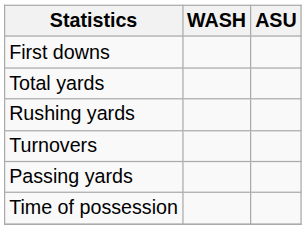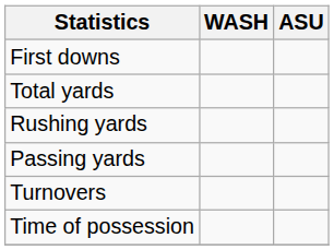 <table class="wikitable" style="float: left;">
 <tr>
 <th>Statistics</th>
 <th>WASH</th>
 <th>ASU</th>
 </tr>
 <tr>
 <td>First downs</td>
 <td></td>
 <td></td>
 </tr>
 <tr>
 <td>Total yards</td>
 <td></td>
 <td></td>
 </tr>
 <tr>
 <td>Rushing yards</td>
 <td></td>
 <td></td>
 </tr>
 <tr>
-<td>Turnovers</td>
+<td>Passing yards</td>
 <td></td>
 <td></td>
 </tr>
 <tr>
-<td>Passing yards</td>
+<td>Turnovers</td>
 <td></td>
 <td></td>
 </tr>
 <tr>
 <td>Time of possession</td>
 <td></td>
 <td></td>
 </tr>
 <tr>
 </tr>
 </table>
